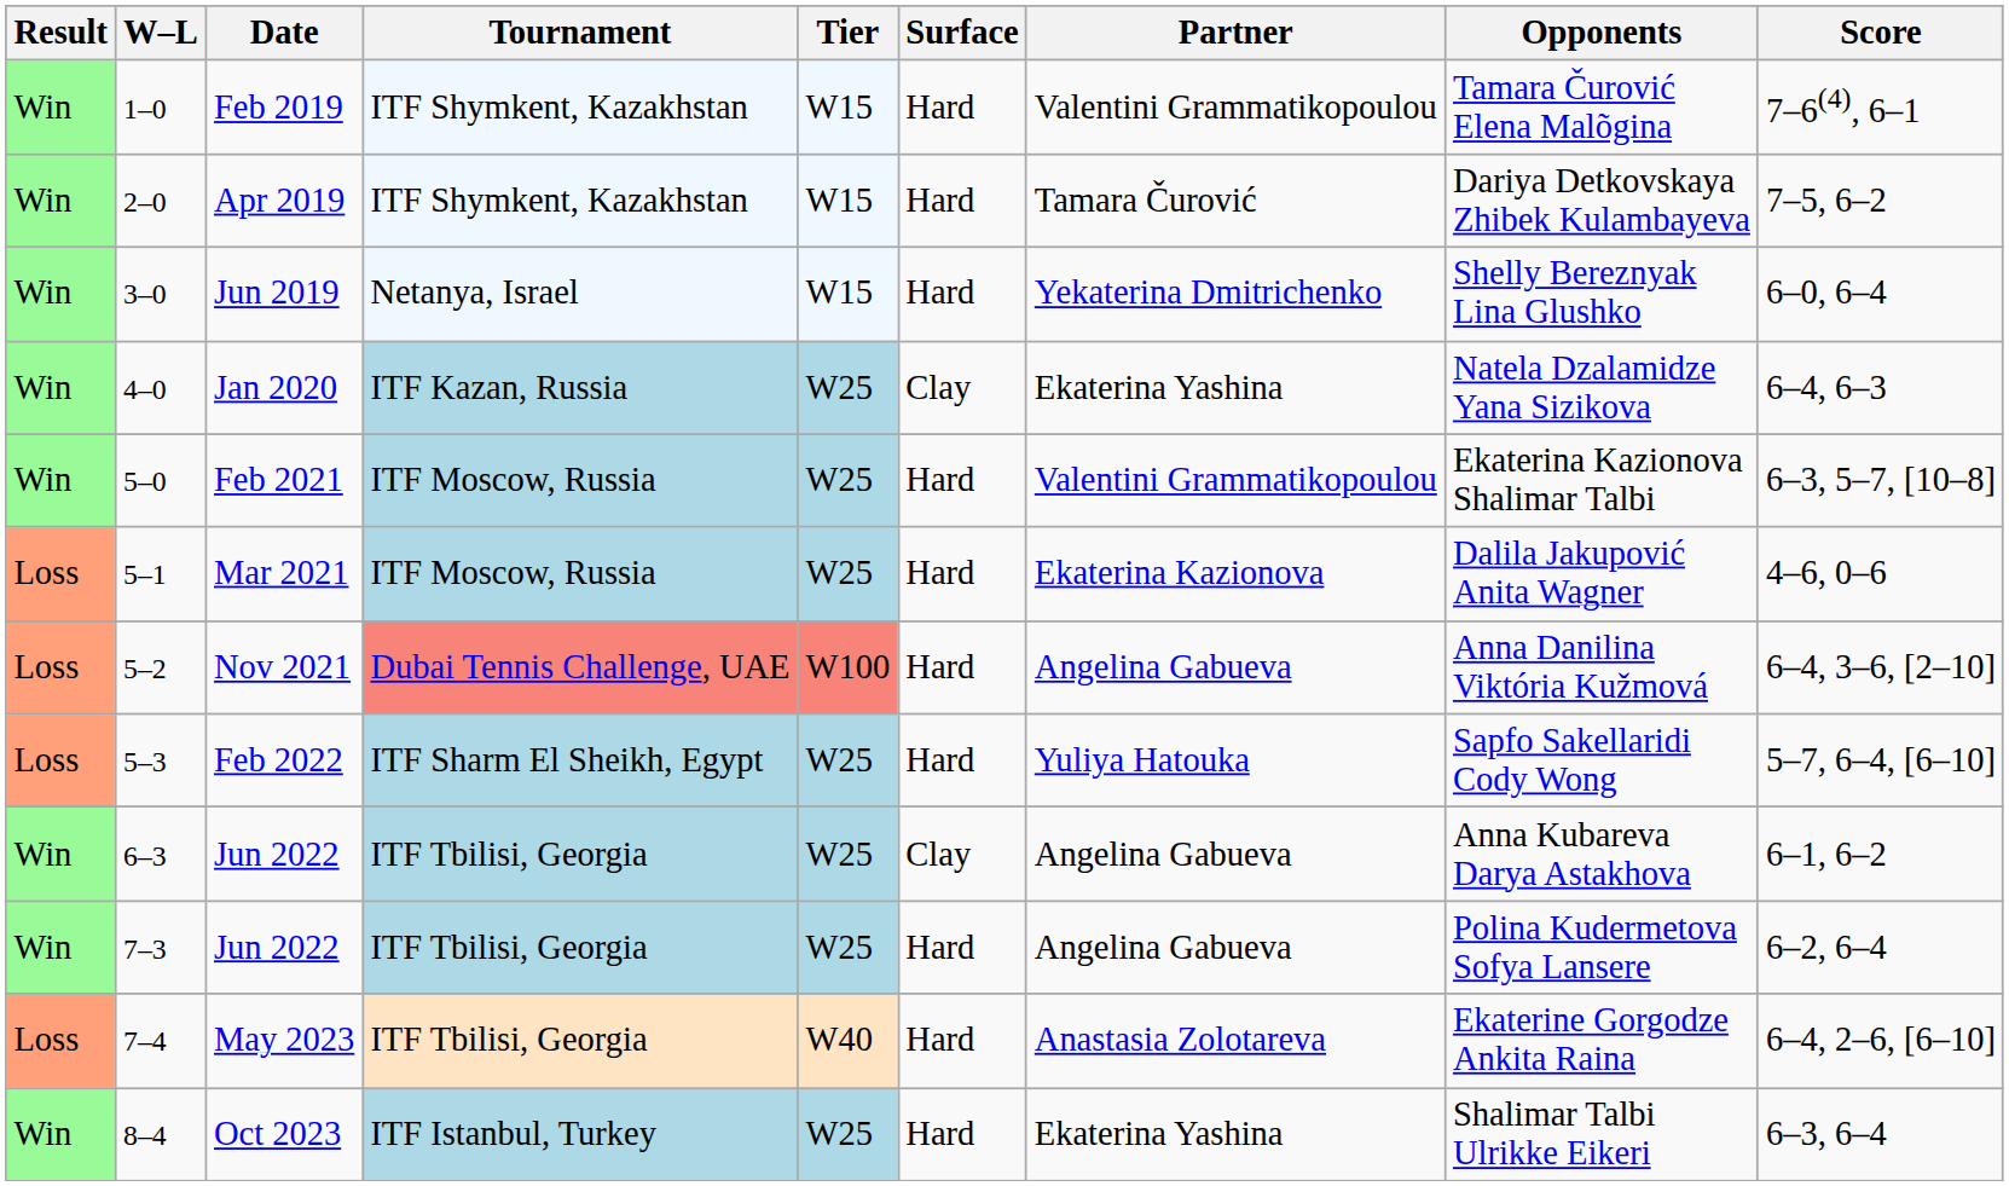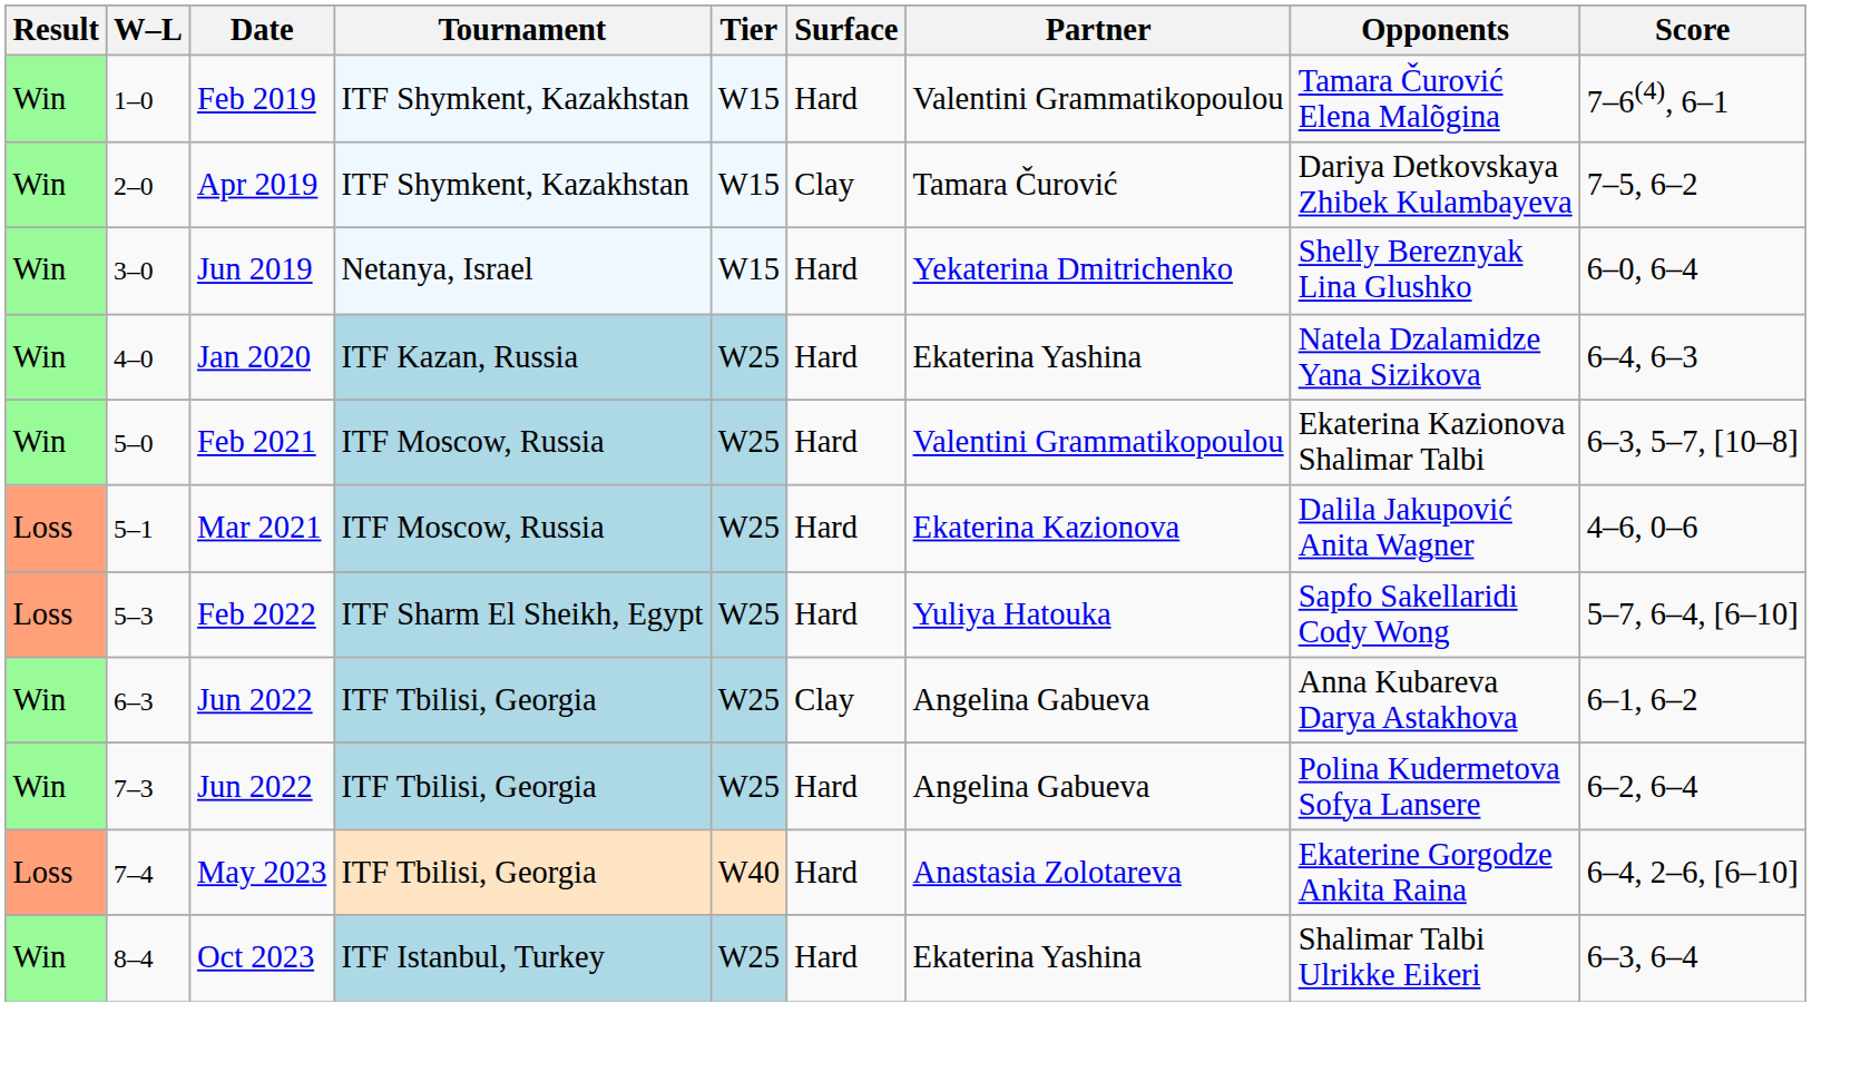 <table class="sortable wikitable">
 <tr>
 <th>Result</th>
 <th class="unsortable">W–L</th>
 <th>Date</th>
 <th>Tournament</th>
 <th>Tier</th>
 <th>Surface</th>
 <th>Partner</th>
 <th>Opponents</th>
 <th class="unsortable">Score</th>
 </tr>
 <tr>
 <td style="background:#98fb98;">Win</td>
 <td><small>1–0</small></td>
 <td><a href='#'>Feb 2019</a></td>
 <td style="background:#f0f8ff;">ITF Shymkent, Kazakhstan</td>
 <td style="background:#f0f8ff;">W15</td>
 <td>Hard</td>
 <td> Valentini Grammatikopoulou</td>
 <td> <a href='#'>Tamara Čurović</a> <br>  <a href='#'>Elena Malõgina</a></td>
 <td>7–6<sup>(4)</sup>, 6–1</td>
 </tr>
 <tr>
 <td style="background:#98fb98;">Win</td>
 <td><small>2–0</small></td>
 <td><a href='#'>Apr 2019</a></td>
 <td style="background:#f0f8ff;">ITF Shymkent, Kazakhstan</td>
 <td style="background:#f0f8ff;">W15</td>
-<td>Hard</td>
+<td>Clay</td>
 <td> Tamara Čurović</td>
 <td> Dariya Detkovskaya <br>  <a href='#'>Zhibek Kulambayeva</a></td>
 <td>7–5, 6–2</td>
 </tr>
 <tr>
 <td style="background:#98fb98;">Win</td>
 <td><small>3–0</small></td>
 <td><a href='#'>Jun 2019</a></td>
 <td style="background:#f0f8ff;">Netanya, Israel</td>
 <td style="background:#f0f8ff;">W15</td>
 <td>Hard</td>
 <td> <a href='#'>Yekaterina Dmitrichenko</a></td>
 <td> <a href='#'>Shelly Bereznyak</a> <br>  <a href='#'>Lina Glushko</a></td>
 <td>6–0, 6–4</td>
 </tr>
 <tr>
 <td style="background:#98fb98;">Win</td>
 <td><small>4–0</small></td>
 <td><a href='#'>Jan 2020</a></td>
 <td style="background:lightblue">ITF Kazan, Russia</td>
 <td style="background:lightblue">W25</td>
-<td>Clay</td>
+<td>Hard</td>
 <td> Ekaterina Yashina</td>
 <td> <a href='#'>Natela Dzalamidze</a> <br>  <a href='#'>Yana Sizikova</a></td>
 <td>6–4, 6–3</td>
 </tr>
 <tr>
 <td style="background:#98fb98;">Win</td>
 <td><small>5–0</small></td>
 <td><a href='#'>Feb 2021</a></td>
 <td style="background:lightblue">ITF Moscow, Russia</td>
 <td style="background:lightblue">W25</td>
 <td>Hard</td>
 <td> <a href='#'>Valentini Grammatikopoulou</a></td>
 <td> Ekaterina Kazionova <br>  Shalimar Talbi</td>
 <td>6–3, 5–7, [10–8]</td>
 </tr>
 <tr>
 <td style="background:#ffa07a">Loss</td>
 <td><small>5–1</small></td>
 <td><a href='#'>Mar 2021</a></td>
 <td style="background:lightblue">ITF Moscow, Russia</td>
 <td style="background:lightblue">W25</td>
 <td>Hard</td>
 <td> <a href='#'>Ekaterina Kazionova</a></td>
 <td> <a href='#'>Dalila Jakupović</a> <br>  <a href='#'>Anita Wagner</a></td>
 <td>4–6, 0–6</td>
-</tr>
-<tr>
-<td style="background:#ffa07a">Loss</td>
-<td><small>5–2</small></td>
-<td><a href='#'>Nov 2021</a></td>
-<td style="background:#f88379"><a href='#'>Dubai Tennis Challenge</a>, UAE</td>
-<td style="background:#f88379">W100</td>
-<td>Hard</td>
-<td> <a href='#'>Angelina Gabueva</a></td>
-<td> <a href='#'>Anna Danilina</a> <br>  <a href='#'>Viktória Kužmová</a></td>
-<td>6–4, 3–6, [2–10]</td>
 </tr>
 <tr>
 <td style="background:#ffa07a">Loss</td>
 <td><small>5–3</small></td>
 <td><a href='#'>Feb 2022</a></td>
 <td bgcolor=lightblue>ITF Sharm El Sheikh, Egypt</td>
 <td bgcolor=lightblue>W25</td>
 <td>Hard</td>
 <td> <a href='#'>Yuliya Hatouka</a></td>
 <td> <a href='#'>Sapfo Sakellaridi</a> <br>  <a href='#'>Cody Wong</a></td>
 <td>5–7, 6–4, [6–10]</td>
 </tr>
 <tr>
 <td style="background:#98fb98;">Win</td>
 <td><small>6–3</small></td>
 <td><a href='#'>Jun 2022</a></td>
 <td bgcolor=lightblue>ITF Tbilisi, Georgia</td>
 <td bgcolor=lightblue>W25</td>
 <td>Clay</td>
 <td> Angelina Gabueva</td>
 <td> Anna Kubareva <br>  <a href='#'>Darya Astakhova</a></td>
 <td>6–1, 6–2</td>
 </tr>
 <tr>
 <td style="background:#98fb98;">Win</td>
 <td><small>7–3</small></td>
 <td><a href='#'>Jun 2022</a></td>
 <td bgcolor=lightblue>ITF Tbilisi, Georgia</td>
 <td bgcolor=lightblue>W25</td>
 <td>Hard</td>
 <td> Angelina Gabueva</td>
 <td> <a href='#'>Polina Kudermetova</a> <br>  <a href='#'>Sofya Lansere</a></td>
 <td>6–2, 6–4</td>
 </tr>
 <tr>
 <td style="background:#ffa07a">Loss</td>
 <td><small>7–4</small></td>
 <td><a href='#'>May 2023</a></td>
 <td style="background:#ffe4c4;">ITF Tbilisi, Georgia</td>
 <td style="background:#ffe4c4;">W40</td>
 <td>Hard</td>
 <td> <a href='#'>Anastasia Zolotareva</a></td>
 <td> <a href='#'>Ekaterine Gorgodze</a> <br>  <a href='#'>Ankita Raina</a></td>
 <td>6–4, 2–6, [6–10]</td>
 </tr>
 <tr>
 <td style="background:#98fb98;">Win</td>
 <td><small>8–4</small></td>
 <td><a href='#'>Oct 2023</a></td>
 <td style="background:lightblue">ITF Istanbul, Turkey</td>
 <td style="background:lightblue">W25</td>
 <td>Hard</td>
 <td> Ekaterina Yashina</td>
 <td> Shalimar Talbi <br>  <a href='#'>Ulrikke Eikeri</a></td>
 <td>6–3, 6–4</td>
 </tr>
 </table>
